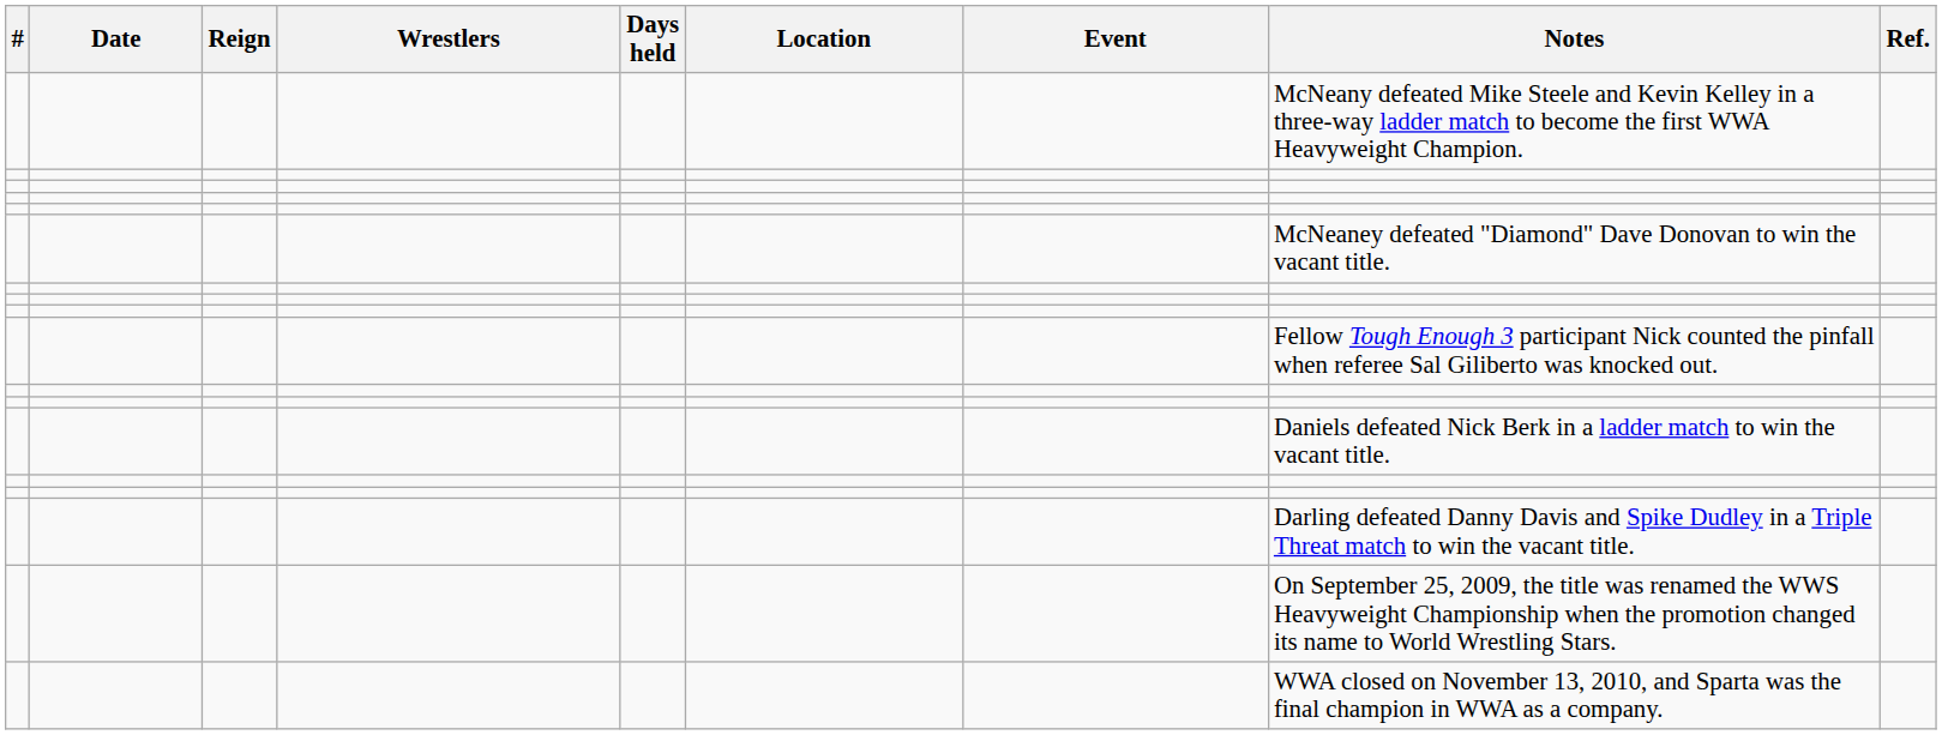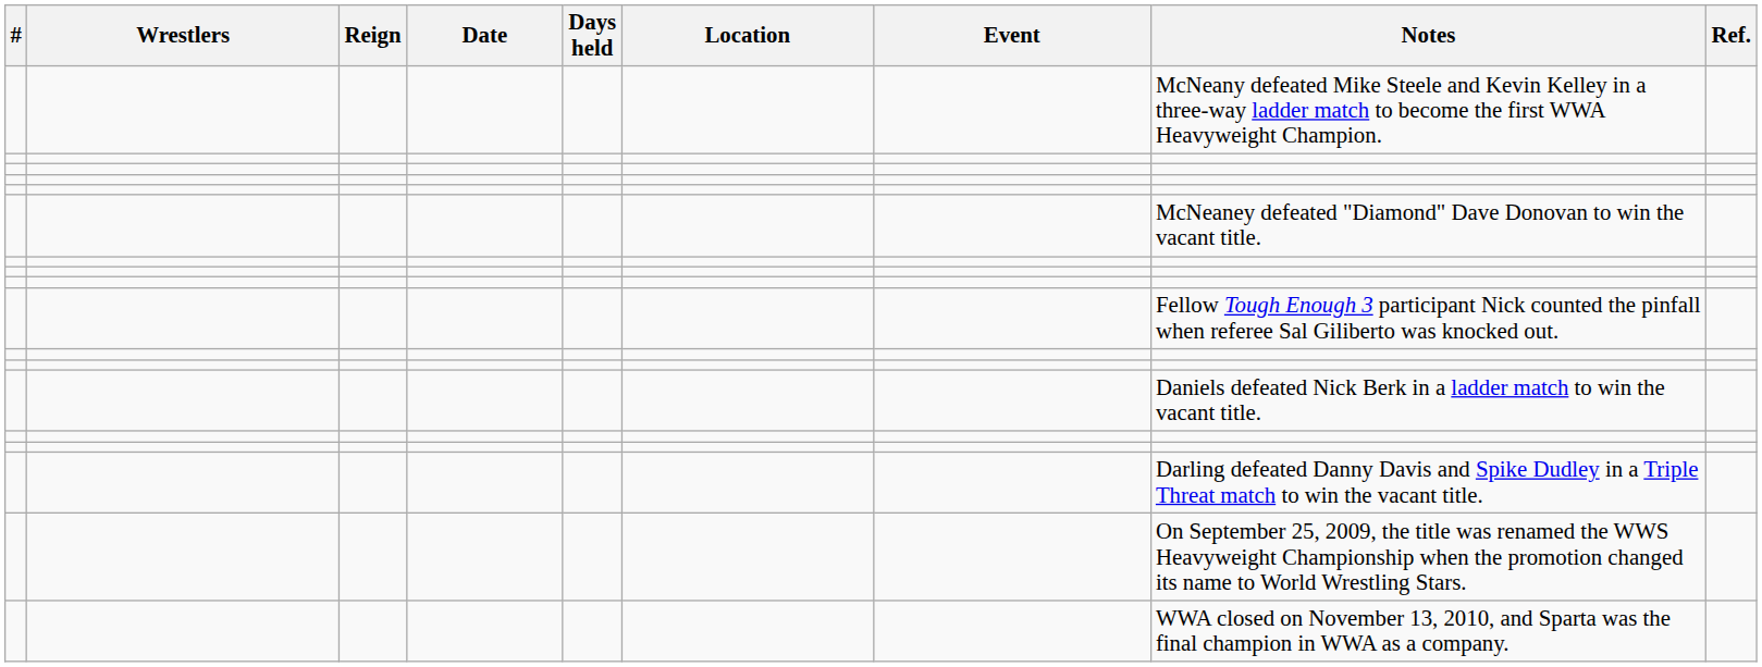 <table class="wikitable sortable" width=98% style="text-align:center;">
 <tr>
 <th width=0%>#</th>
+<th width=20%>Wrestlers</th>
+<th width=0%>Reign</th>
 <th width=10%>Date</th>
-<th width=0%>Reign</th>
-<th width=20%>Wrestlers</th>
 <th width=0%>Days<br>held</th>
 <th width=16%>Location</th>
 <th width=18%>Event</th>
 <th width=60% class="unsortable">Notes</th>
 <th width=0% class="unsortable">Ref.</th>
 </tr>
 <tr>
 <td></td>
 <td></td>
 <td></td>
 <td></td>
 <td></td>
 <td></td>
 <td></td>
 <td align="left">McNeany defeated Mike Steele and Kevin Kelley in a three-way <a href='#'>ladder match</a> to become the first WWA Heavyweight Champion.</td>
 <td align="left"></td>
 </tr>
 <tr>
 <td></td>
 <td></td>
 <td></td>
 <td></td>
 <td></td>
 <td></td>
 <td></td>
 <td align="left"></td>
 <td align="left"></td>
 </tr>
 <tr>
 <td></td>
 <td></td>
 <td></td>
 <td></td>
 <td></td>
 <td></td>
 <td></td>
 <td align="left"></td>
 <td align="left"></td>
 </tr>
 <tr>
 <td></td>
 <td></td>
 <td></td>
 <td></td>
 <td></td>
 <td></td>
 <td></td>
 <td align="left"></td>
 <td align="left"></td>
 </tr>
 <tr>
 <td></td>
 <td></td>
 <td></td>
 <td></td>
 <td></td>
 <td></td>
 <td></td>
 <td align="left"></td>
 <td align="left"></td>
 </tr>
 <tr>
 <td></td>
 <td></td>
 <td></td>
 <td></td>
 <td></td>
 <td></td>
 <td></td>
 <td align="left">McNeaney defeated "Diamond" Dave Donovan to win the vacant title.</td>
 <td align="left"></td>
 </tr>
 <tr>
 <td></td>
 <td></td>
 <td></td>
 <td></td>
 <td></td>
 <td></td>
 <td></td>
 <td align="left"></td>
 <td align="left"></td>
 </tr>
 <tr>
 <td></td>
 <td></td>
 <td></td>
 <td></td>
 <td></td>
 <td></td>
 <td></td>
 <td align="left"></td>
 <td align="left"></td>
 </tr>
 <tr>
 <td></td>
 <td></td>
 <td></td>
 <td></td>
 <td></td>
 <td></td>
 <td></td>
 <td align="left"></td>
 <td align="left"></td>
 </tr>
 <tr>
 <td></td>
 <td></td>
 <td></td>
 <td></td>
 <td></td>
 <td></td>
 <td></td>
 <td align="left">Fellow <em><a href='#'>Tough Enough 3</a></em> participant Nick counted the pinfall when referee Sal Giliberto was knocked out.</td>
 <td align="left"></td>
 </tr>
 <tr>
 <td></td>
 <td></td>
 <td></td>
 <td></td>
 <td></td>
 <td></td>
 <td></td>
 <td align="left"></td>
 <td align="left"></td>
 </tr>
 <tr>
 <td></td>
 <td></td>
 <td></td>
 <td></td>
 <td></td>
 <td></td>
 <td></td>
 <td align="left"></td>
 <td align="left"></td>
 </tr>
 <tr>
 <td></td>
 <td></td>
 <td></td>
 <td></td>
 <td></td>
 <td></td>
 <td></td>
 <td align="left">Daniels defeated Nick Berk in a <a href='#'>ladder match</a> to win the vacant title.</td>
 <td align="left"></td>
 </tr>
 <tr>
 <td></td>
-<td> </td>
 <td></td>
 <td></td>
+<td> </td>
 <td> </td>
 <td></td>
 <td></td>
 <td align="left"></td>
 <td align="left"></td>
 </tr>
 <tr>
 <td></td>
 <td></td>
 <td></td>
 <td></td>
 <td></td>
 <td></td>
 <td></td>
 <td align="left"></td>
 <td align="left"></td>
 </tr>
 <tr>
 <td></td>
 <td></td>
 <td></td>
 <td></td>
 <td></td>
 <td></td>
 <td></td>
 <td align="left">Darling defeated Danny Davis and <a href='#'>Spike Dudley</a> in a <a href='#'>Triple Threat match</a> to win the vacant title.</td>
 <td align="left"></td>
 </tr>
 <tr>
 <td></td>
 <td></td>
 <td></td>
 <td></td>
 <td></td>
 <td></td>
 <td></td>
 <td align="left">On September 25, 2009, the title was renamed the WWS Heavyweight Championship when the promotion changed its name to World Wrestling Stars.</td>
 <td align="left"></td>
 </tr>
 <tr>
 <td></td>
 <td></td>
 <td></td>
 <td></td>
 <td></td>
 <td></td>
 <td></td>
 <td align="left">WWA closed on November 13, 2010, and Sparta was the final champion in WWA as a company.</td>
 <td align="left"></td>
 </tr>
 </table>
